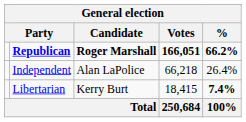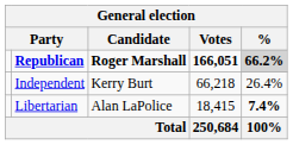 <table class=wikitable>
 <tr>
 <th colspan = 6>General election</th>
 </tr>
 <tr>
 <th colspan=2>Party</th>
 <th>Candidate</th>
 <th>Votes</th>
 <th>%</th>
 </tr>
 <tr>
 <td></td>
 <td><strong><a href='#'>Republican</a></strong></td>
 <td><strong>Roger Marshall</strong></td>
 <td align=center><strong>166,051</strong></td>
-<td align=center><strong>66.2%</strong></td>
+<td align=center style="background: lightgrey;"><strong>66.2%</strong></td>
 </tr>
 <tr>
 <td></td>
 <td><a href='#'>Independent</a></td>
-<td>Alan LaPolice</td>
+<td>Kerry Burt</td>
 <td align=center>66,218</td>
 <td align=center>26.4%</td>
 </tr>
 <tr>
 <td></td>
 <td><a href='#'>Libertarian</a></td>
-<td>Kerry Burt</td>
+<td>Alan LaPolice</td>
 <td align=center>18,415</td>
 <td align=center><strong>7.4%</strong></td>
 </tr>
 <tr>
 <th colspan=3; style="text-align:right;">Total</th>
 <th align=center>250,684</th>
 <th align=center>100%</th>
 </tr>
 </table>
